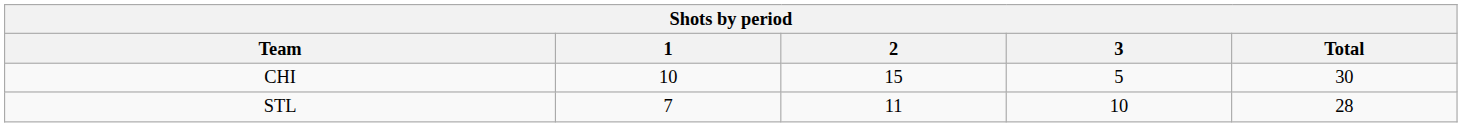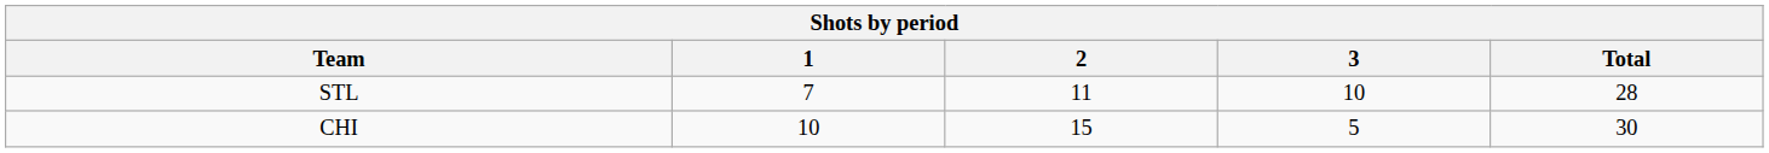 <table class="wikitable" style="width:100%;text-align: center;">
 <tr>
 <th colspan=5>Shots by period</th>
 </tr>
 <tr>
 <th style="width:8em;">Team</th>
 <th style="width:3em;">1</th>
 <th style="width:3em;">2</th>
 <th style="width:3em;">3</th>
 <th style="width:3em;">Total</th>
 </tr>
 <tr style="text-align:center;">
+<td>STL</td>
+<td>7</td>
+<td>11</td>
+<td>10</td>
+<td>28</td>
+</tr>
+<tr style="text-align:center;">
 <td>CHI</td>
 <td>10</td>
 <td>15</td>
 <td>5</td>
 <td>30</td>
 </tr>
-<tr style="text-align:center;">
-<td>STL</td>
-<td>7</td>
-<td>11</td>
-<td>10</td>
-<td>28</td>
-</tr>
 </table>
